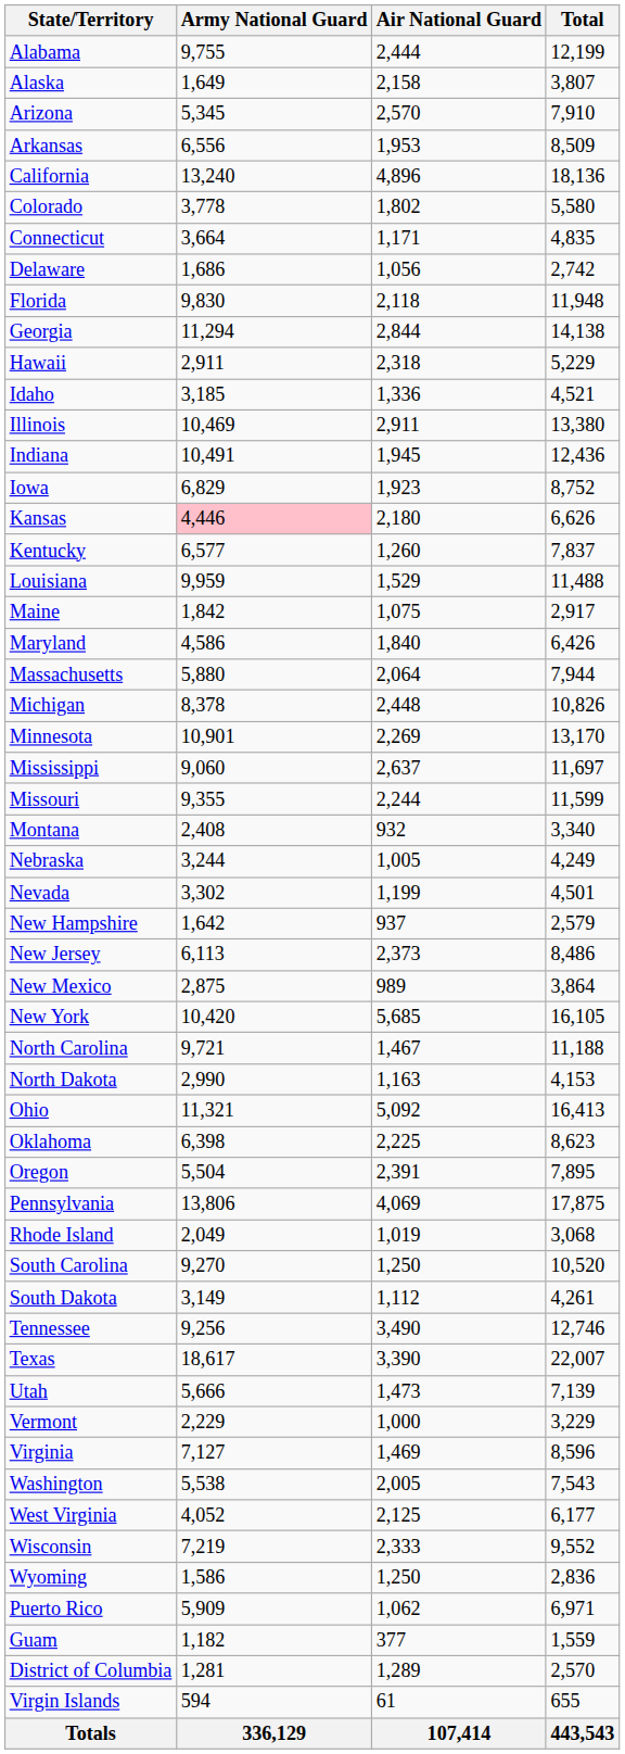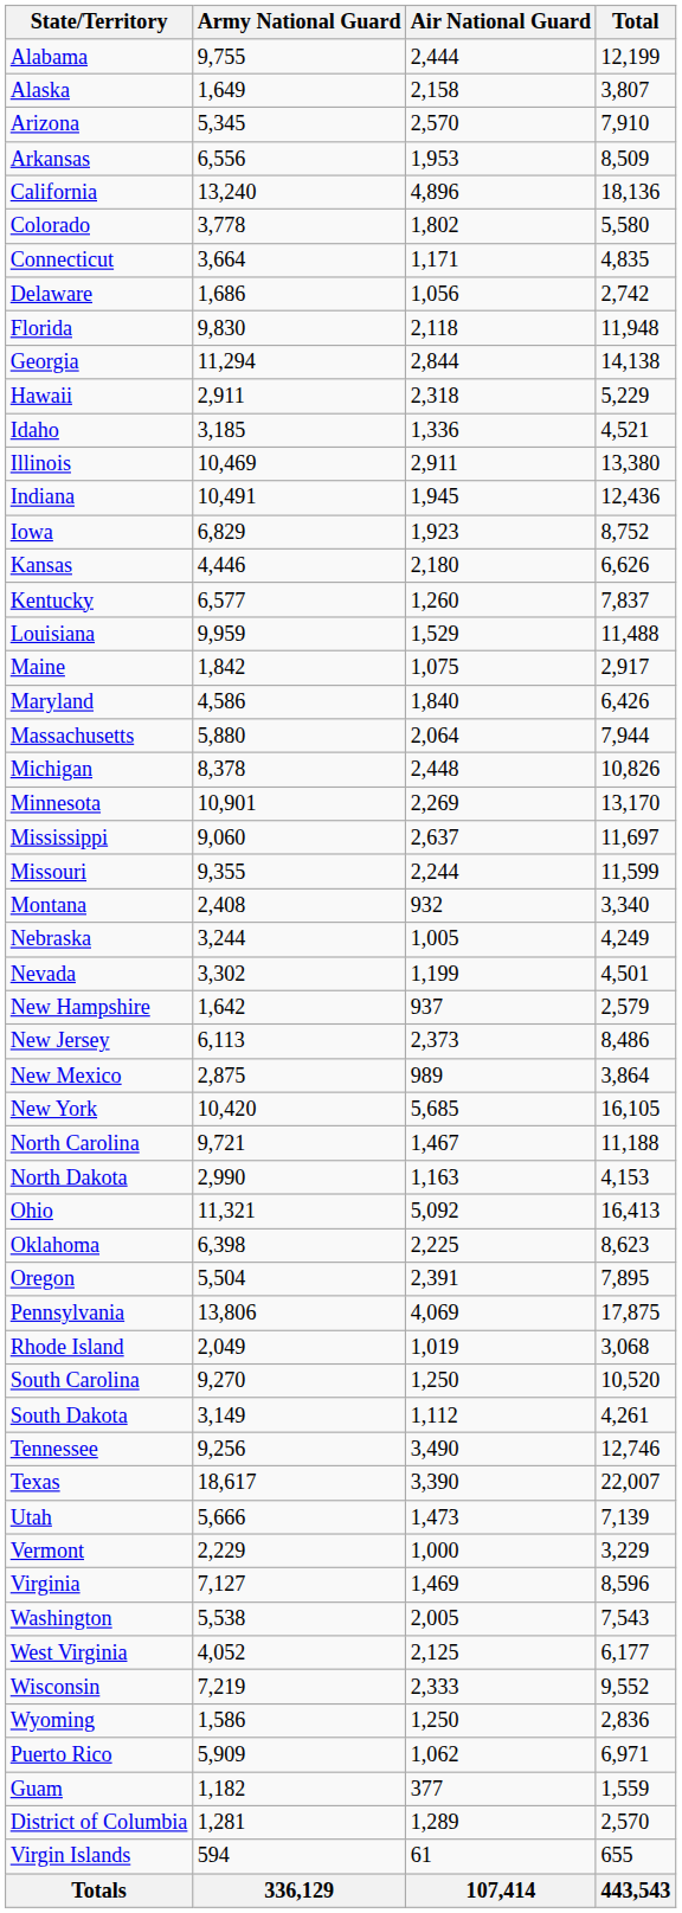 <table class="wikitable sortable">
 <tr>
 <th>State/Territory</th>
 <th>Army National Guard</th>
 <th>Air National Guard</th>
 <th>Total</th>
 </tr>
 <tr>
 <td><a href='#'>Alabama</a></td>
 <td>9,755</td>
 <td>2,444</td>
 <td>12,199</td>
 </tr>
 <tr>
 <td><a href='#'>Alaska</a></td>
 <td>1,649</td>
 <td>2,158</td>
 <td>3,807</td>
 </tr>
 <tr>
 <td><a href='#'>Arizona</a></td>
 <td>5,345</td>
 <td>2,570</td>
 <td>7,910</td>
 </tr>
 <tr>
 <td><a href='#'>Arkansas</a></td>
 <td>6,556</td>
 <td>1,953</td>
 <td>8,509</td>
 </tr>
 <tr>
 <td><a href='#'>California</a></td>
 <td>13,240</td>
 <td>4,896</td>
 <td>18,136</td>
 </tr>
 <tr>
 <td><a href='#'>Colorado</a></td>
 <td>3,778</td>
 <td>1,802</td>
 <td>5,580</td>
 </tr>
 <tr>
 <td><a href='#'>Connecticut</a></td>
 <td>3,664</td>
 <td>1,171</td>
 <td>4,835</td>
 </tr>
 <tr>
 <td><a href='#'>Delaware</a></td>
 <td>1,686</td>
 <td>1,056</td>
 <td>2,742</td>
 </tr>
 <tr>
 <td><a href='#'>Florida</a></td>
 <td>9,830</td>
 <td>2,118</td>
 <td>11,948</td>
 </tr>
 <tr>
 <td><a href='#'>Georgia</a></td>
 <td>11,294</td>
 <td>2,844</td>
 <td>14,138</td>
 </tr>
 <tr>
 <td><a href='#'>Hawaii</a></td>
 <td>2,911</td>
 <td>2,318</td>
 <td>5,229</td>
 </tr>
 <tr>
 <td><a href='#'>Idaho</a></td>
 <td>3,185</td>
 <td>1,336</td>
 <td>4,521</td>
 </tr>
 <tr>
 <td><a href='#'>Illinois</a></td>
 <td>10,469</td>
 <td>2,911</td>
 <td>13,380</td>
 </tr>
 <tr>
 <td><a href='#'>Indiana</a></td>
 <td>10,491</td>
 <td>1,945</td>
 <td>12,436</td>
 </tr>
 <tr>
 <td><a href='#'>Iowa</a></td>
 <td>6,829</td>
 <td>1,923</td>
 <td>8,752</td>
 </tr>
 <tr>
 <td><a href='#'>Kansas</a></td>
-<td style="background: pink;">4,446</td>
+<td>4,446</td>
 <td>2,180</td>
 <td>6,626</td>
 </tr>
 <tr>
 <td><a href='#'>Kentucky</a></td>
 <td>6,577</td>
 <td>1,260</td>
 <td>7,837</td>
 </tr>
 <tr>
 <td><a href='#'>Louisiana</a></td>
 <td>9,959</td>
 <td>1,529</td>
 <td>11,488</td>
 </tr>
 <tr>
 <td><a href='#'>Maine</a></td>
 <td>1,842</td>
 <td>1,075</td>
 <td>2,917</td>
 </tr>
 <tr>
 <td><a href='#'>Maryland</a></td>
 <td>4,586</td>
 <td>1,840</td>
 <td>6,426</td>
 </tr>
 <tr>
 <td><a href='#'>Massachusetts</a></td>
 <td>5,880</td>
 <td>2,064</td>
 <td>7,944</td>
 </tr>
 <tr>
 <td><a href='#'>Michigan</a></td>
 <td>8,378</td>
 <td>2,448</td>
 <td>10,826</td>
 </tr>
 <tr>
 <td><a href='#'>Minnesota</a></td>
 <td>10,901</td>
 <td>2,269</td>
 <td>13,170</td>
 </tr>
 <tr>
 <td><a href='#'>Mississippi</a></td>
 <td>9,060</td>
 <td>2,637</td>
 <td>11,697</td>
 </tr>
 <tr>
 <td><a href='#'>Missouri</a></td>
 <td>9,355</td>
 <td>2,244</td>
 <td>11,599</td>
 </tr>
 <tr>
 <td><a href='#'>Montana</a></td>
 <td>2,408</td>
 <td>932</td>
 <td>3,340</td>
 </tr>
 <tr>
 <td><a href='#'>Nebraska</a></td>
 <td>3,244</td>
 <td>1,005</td>
 <td>4,249</td>
 </tr>
 <tr>
 <td><a href='#'>Nevada</a></td>
 <td>3,302</td>
 <td>1,199</td>
 <td>4,501</td>
 </tr>
 <tr>
 <td><a href='#'>New Hampshire</a></td>
 <td>1,642</td>
 <td>937</td>
 <td>2,579</td>
 </tr>
 <tr>
 <td><a href='#'>New Jersey</a></td>
 <td>6,113</td>
 <td>2,373</td>
 <td>8,486</td>
 </tr>
 <tr>
 <td><a href='#'>New Mexico</a></td>
 <td>2,875</td>
 <td>989</td>
 <td>3,864</td>
 </tr>
 <tr>
 <td><a href='#'>New York</a></td>
 <td>10,420</td>
 <td>5,685</td>
 <td>16,105</td>
 </tr>
 <tr>
 <td><a href='#'>North Carolina</a></td>
 <td>9,721</td>
 <td>1,467</td>
 <td>11,188</td>
 </tr>
 <tr>
 <td><a href='#'>North Dakota</a></td>
 <td>2,990</td>
 <td>1,163</td>
 <td>4,153</td>
 </tr>
 <tr>
 <td><a href='#'>Ohio</a></td>
 <td>11,321</td>
 <td>5,092</td>
 <td>16,413</td>
 </tr>
 <tr>
 <td><a href='#'>Oklahoma</a></td>
 <td>6,398</td>
 <td>2,225</td>
 <td>8,623</td>
 </tr>
 <tr>
 <td><a href='#'>Oregon</a></td>
 <td>5,504</td>
 <td>2,391</td>
 <td>7,895</td>
 </tr>
 <tr>
 <td><a href='#'>Pennsylvania</a></td>
 <td>13,806</td>
 <td>4,069</td>
 <td>17,875</td>
 </tr>
 <tr>
 <td><a href='#'>Rhode Island</a></td>
 <td>2,049</td>
 <td>1,019</td>
 <td>3,068</td>
 </tr>
 <tr>
 <td><a href='#'>South Carolina</a></td>
 <td>9,270</td>
 <td>1,250</td>
 <td>10,520</td>
 </tr>
 <tr>
 <td><a href='#'>South Dakota</a></td>
 <td>3,149</td>
 <td>1,112</td>
 <td>4,261</td>
 </tr>
 <tr>
 <td><a href='#'>Tennessee</a></td>
 <td>9,256</td>
 <td>3,490</td>
 <td>12,746</td>
 </tr>
 <tr>
 <td><a href='#'>Texas</a></td>
 <td>18,617</td>
 <td>3,390</td>
 <td>22,007</td>
 </tr>
 <tr>
 <td><a href='#'>Utah</a></td>
 <td>5,666</td>
 <td>1,473</td>
 <td>7,139</td>
 </tr>
 <tr>
 <td><a href='#'>Vermont</a></td>
 <td>2,229</td>
 <td>1,000</td>
 <td>3,229</td>
 </tr>
 <tr>
 <td><a href='#'>Virginia</a></td>
 <td>7,127</td>
 <td>1,469</td>
 <td>8,596</td>
 </tr>
 <tr>
 <td><a href='#'>Washington</a></td>
 <td>5,538</td>
 <td>2,005</td>
 <td>7,543</td>
 </tr>
 <tr>
 <td><a href='#'>West Virginia</a></td>
 <td>4,052</td>
 <td>2,125</td>
 <td>6,177</td>
 </tr>
 <tr>
 <td><a href='#'>Wisconsin</a></td>
 <td>7,219</td>
 <td>2,333</td>
 <td>9,552</td>
 </tr>
 <tr>
 <td><a href='#'>Wyoming</a></td>
 <td>1,586</td>
 <td>1,250</td>
 <td>2,836</td>
 </tr>
 <tr>
 <td><a href='#'>Puerto Rico</a></td>
 <td>5,909</td>
 <td>1,062</td>
 <td>6,971</td>
 </tr>
 <tr>
 <td><a href='#'>Guam</a></td>
 <td>1,182</td>
 <td>377</td>
 <td>1,559</td>
 </tr>
 <tr>
 <td><a href='#'>District of Columbia</a></td>
 <td>1,281</td>
 <td>1,289</td>
 <td>2,570</td>
 </tr>
 <tr>
 <td><a href='#'>Virgin Islands</a></td>
 <td>594</td>
 <td>61</td>
 <td>655</td>
 </tr>
 <tr>
 <th>Totals</th>
 <th>336,129</th>
 <th>107,414</th>
 <th>443,543</th>
 </tr>
 </table>
